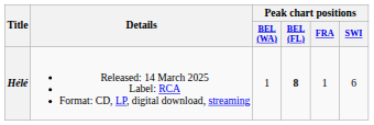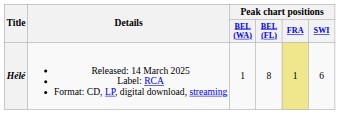 <table class="wikitable plainrowheaders" style="text-align:center">
 <tr>
 <th scope="col" rowspan="2">Title</th>
 <th scope="col" rowspan="2">Details</th>
 <th scope="col" colspan="4">Peak chart positions</th>
 </tr>
 <tr>
 <th scope="col" style="width:2.75em;font-size:85%;"><a href='#'>BEL<br>(WA)</a><br></th>
 <th scope="col" style="width:2.75em;font-size:85%;"><a href='#'>BEL<br>(FL)</a><br></th>
 <th scope="col" style="width:2.75em;font-size:85%;"><a href='#'>FRA</a><br></th>
 <th scope="col" style="width:2.75em;font-size:85%;"><a href='#'>SWI</a><br></th>
 </tr>
 <tr>
 <th scope="row"><em>Hélé</em></th>
 <td><br><ul><li>Released: 14 March 2025</li><li>Label: <a href='#'>RCA</a></li><li>Format: CD, <a href='#'>LP</a>, digital download, <a href='#'>streaming</a></li></ul></td>
 <td>1</td>
-<td><strong>8</strong></td>
-<td>1</td>
+<td>8</td>
+<td style="background: khaki;">1</td>
 <td>6</td>
 </tr>
 </table>
